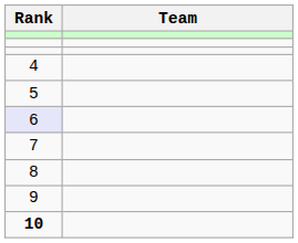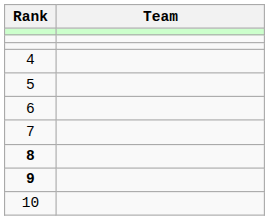 <table class="wikitable" style="text-align: center;">
 <tr>
 <th width=40>Rank</th>
 <th width=180>Team</th>
 </tr>
 <tr bgcolor=#CCFFCC>
 <td></td>
 <td style="text-align:left;"></td>
 </tr>
 <tr align=center>
 <td></td>
 <td style="text-align:left;"></td>
 </tr>
 <tr align=center>
 <td></td>
 <td style="text-align:left;"></td>
 </tr>
 <tr align=center>
 <td>4</td>
 <td style="text-align:left;"></td>
 </tr>
 <tr align=center>
 <td>5</td>
 <td style="text-align:left;"></td>
 </tr>
 <tr align=center>
-<td style="background: lavender;">6</td>
+<td>6</td>
 <td style="text-align:left;"></td>
 </tr>
 <tr align=center>
 <td>7</td>
 <td style="text-align:left;"></td>
 </tr>
 <tr align=center>
-<td>8</td>
+<td><strong>8</strong></td>
 <td style="text-align:left;"></td>
 </tr>
 <tr align=center>
-<td>9</td>
+<td><strong>9</strong></td>
 <td style="text-align:left;"></td>
 </tr>
 <tr align=center>
-<td><strong>10</strong></td>
+<td>10</td>
 <td style="text-align:left;"></td>
 </tr>
 </table>
